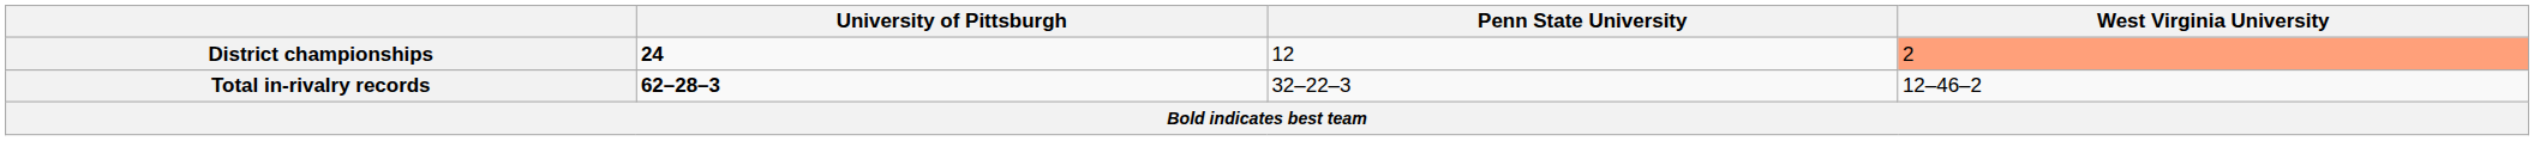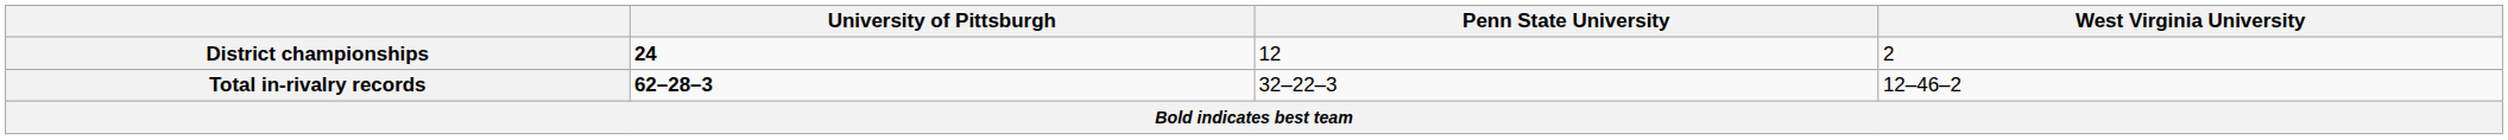 <table class="wikitable" width="100%" style="margin: 1em auto 1em auto">
 <tr>
 <th width="25%"></th>
 <th width="25%">University of Pittsburgh</th>
 <th width="25%">Penn State University</th>
 <th width="25%">West Virginia University</th>
 </tr>
 <tr>
 <th>District championships</th>
 <td><strong>24</strong></td>
 <td>12</td>
-<td style="background: lightsalmon;">2</td>
+<td>2</td>
 </tr>
 <tr>
 <th>Total in-rivalry records</th>
 <td><strong>62–28–3</strong></td>
 <td>32–22–3</td>
 <td>12–46–2</td>
 </tr>
 <tr>
 <th colspan="4" align="right" style="text-align: center;"><small><em>Bold indicates best team</em></small></th>
 </tr>
 </table>
